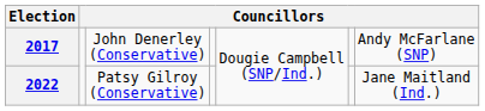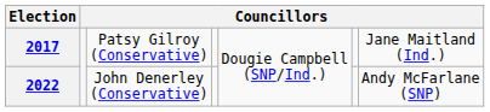 <table class="wikitable" style="text-align:center">
 <tr>
 <th>Election</th>
 <th colspan=8>Councillors</th>
 </tr>
 <tr>
 <th><a href='#'>2017</a></th>
 <td rowspan=2; style="background-color: "></td>
-<td>John Denerley<br>(<a href='#'>Conservative</a>)</td>
+<td>Patsy Gilroy<br>(<a href='#'>Conservative</a>)</td>
 <td style="background-color: "></td>
 <td rowspan=2>Dougie Campbell<br>(<a href='#'>SNP</a>/<a href='#'>Ind</a>.)</td>
 <td style="background-color: "></td>
-<td>Andy McFarlane<br>(<a href='#'>SNP</a>)</td>
+<td>Jane Maitland<br>(<a href='#'>Ind</a>.)</td>
 </tr>
 <tr>
 <th><a href='#'>2022</a></th>
-<td>Patsy Gilroy<br>(<a href='#'>Conservative</a>)</td>
+<td>John Denerley<br>(<a href='#'>Conservative</a>)</td>
 <td style="background-color: "></td>
 <td style="background-color: "></td>
-<td>Jane Maitland<br>(<a href='#'>Ind</a>.)</td>
+<td>Andy McFarlane<br>(<a href='#'>SNP</a>)</td>
 </tr>
 </table>
